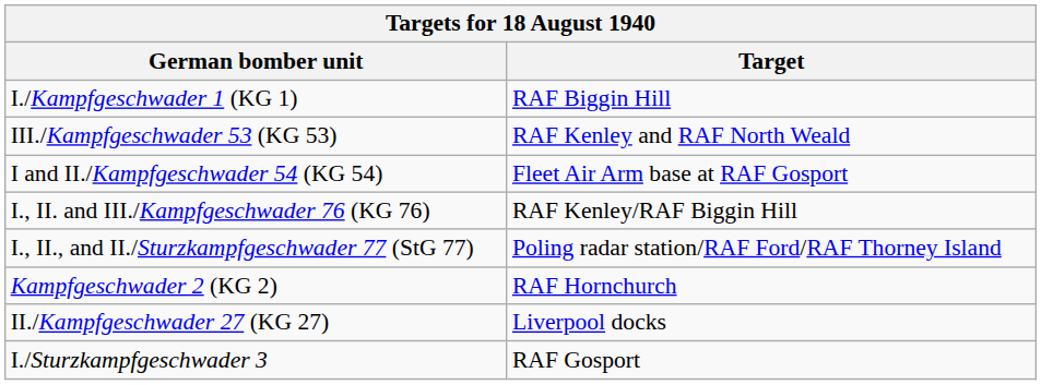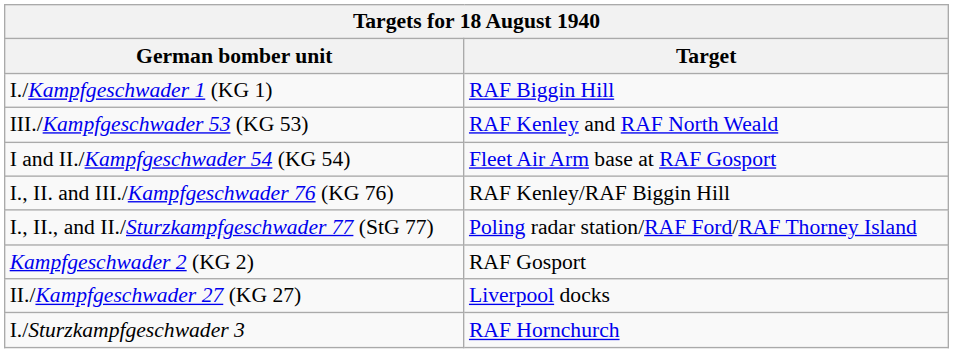 <table class="wikitable"  style="width:700px; margin-centre:5pt; margin-Bottom:0; margin-centre:0; margin-Top:0;">
 <tr>
 <th colspan="2">Targets for 18 August 1940</th>
 </tr>
 <tr>
 <th>German bomber unit</th>
 <th>Target</th>
 </tr>
 <tr>
 <td>I./<em><a href='#'>Kampfgeschwader 1</a></em> (KG 1)</td>
 <td><a href='#'>RAF Biggin Hill</a></td>
 </tr>
 <tr>
 <td>III./<em><a href='#'>Kampfgeschwader 53</a></em> (KG 53)</td>
 <td><a href='#'>RAF Kenley</a> and <a href='#'>RAF North Weald</a></td>
 </tr>
 <tr>
 <td>I and II./<em><a href='#'>Kampfgeschwader 54</a></em> (KG 54)</td>
 <td><a href='#'>Fleet Air Arm</a> base at <a href='#'>RAF Gosport</a></td>
 </tr>
 <tr>
 <td>I., II. and III./<em><a href='#'>Kampfgeschwader 76</a></em> (KG 76)</td>
 <td>RAF Kenley/RAF Biggin Hill</td>
 </tr>
 <tr>
 <td>I., II., and II./<em><a href='#'>Sturzkampfgeschwader 77</a></em> (StG 77)</td>
 <td><a href='#'>Poling</a> radar station/<a href='#'>RAF Ford</a>/<a href='#'>RAF Thorney Island</a></td>
 </tr>
 <tr>
 <td><em><a href='#'>Kampfgeschwader 2</a></em> (KG 2)</td>
-<td><a href='#'>RAF Hornchurch</a></td>
+<td>RAF Gosport</td>
 </tr>
 <tr>
 <td>II./<em><a href='#'>Kampfgeschwader 27</a></em> (KG 27)</td>
 <td><a href='#'>Liverpool</a> docks</td>
 </tr>
 <tr>
 <td>I./<em>Sturzkampfgeschwader 3</em></td>
-<td>RAF Gosport</td>
+<td><a href='#'>RAF Hornchurch</a></td>
 </tr>
 </table>
